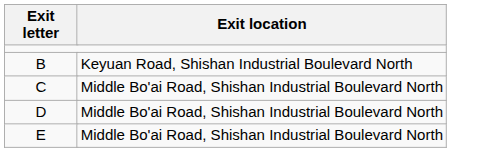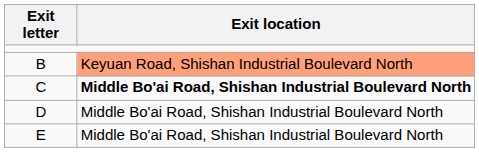 <table class="wikitable">
 <tr>
 <th style="width:70px" colspan=2>Exit letter</th>
 <th>Exit location</th>
 </tr>
 <tr style="background:#">
 <td colspan="4"></td>
 </tr>
 <tr>
 <td align=center colspan=2>B</td>
-<td>Keyuan Road, Shishan Industrial Boulevard North</td>
+<td style="background: lightsalmon;">Keyuan Road, Shishan Industrial Boulevard North</td>
 </tr>
 <tr>
 <td align=center colspan=2>C</td>
-<td>Middle Bo'ai Road, Shishan Industrial Boulevard North</td>
+<td><strong>Middle Bo'ai Road, Shishan Industrial Boulevard North</strong></td>
 </tr>
 <tr>
 <td align=center colspan=2>D</td>
 <td>Middle Bo'ai Road, Shishan Industrial Boulevard North</td>
 </tr>
 <tr>
 <td align=center colspan=2>E</td>
 <td>Middle Bo'ai Road, Shishan Industrial Boulevard North</td>
 </tr>
 </table>
